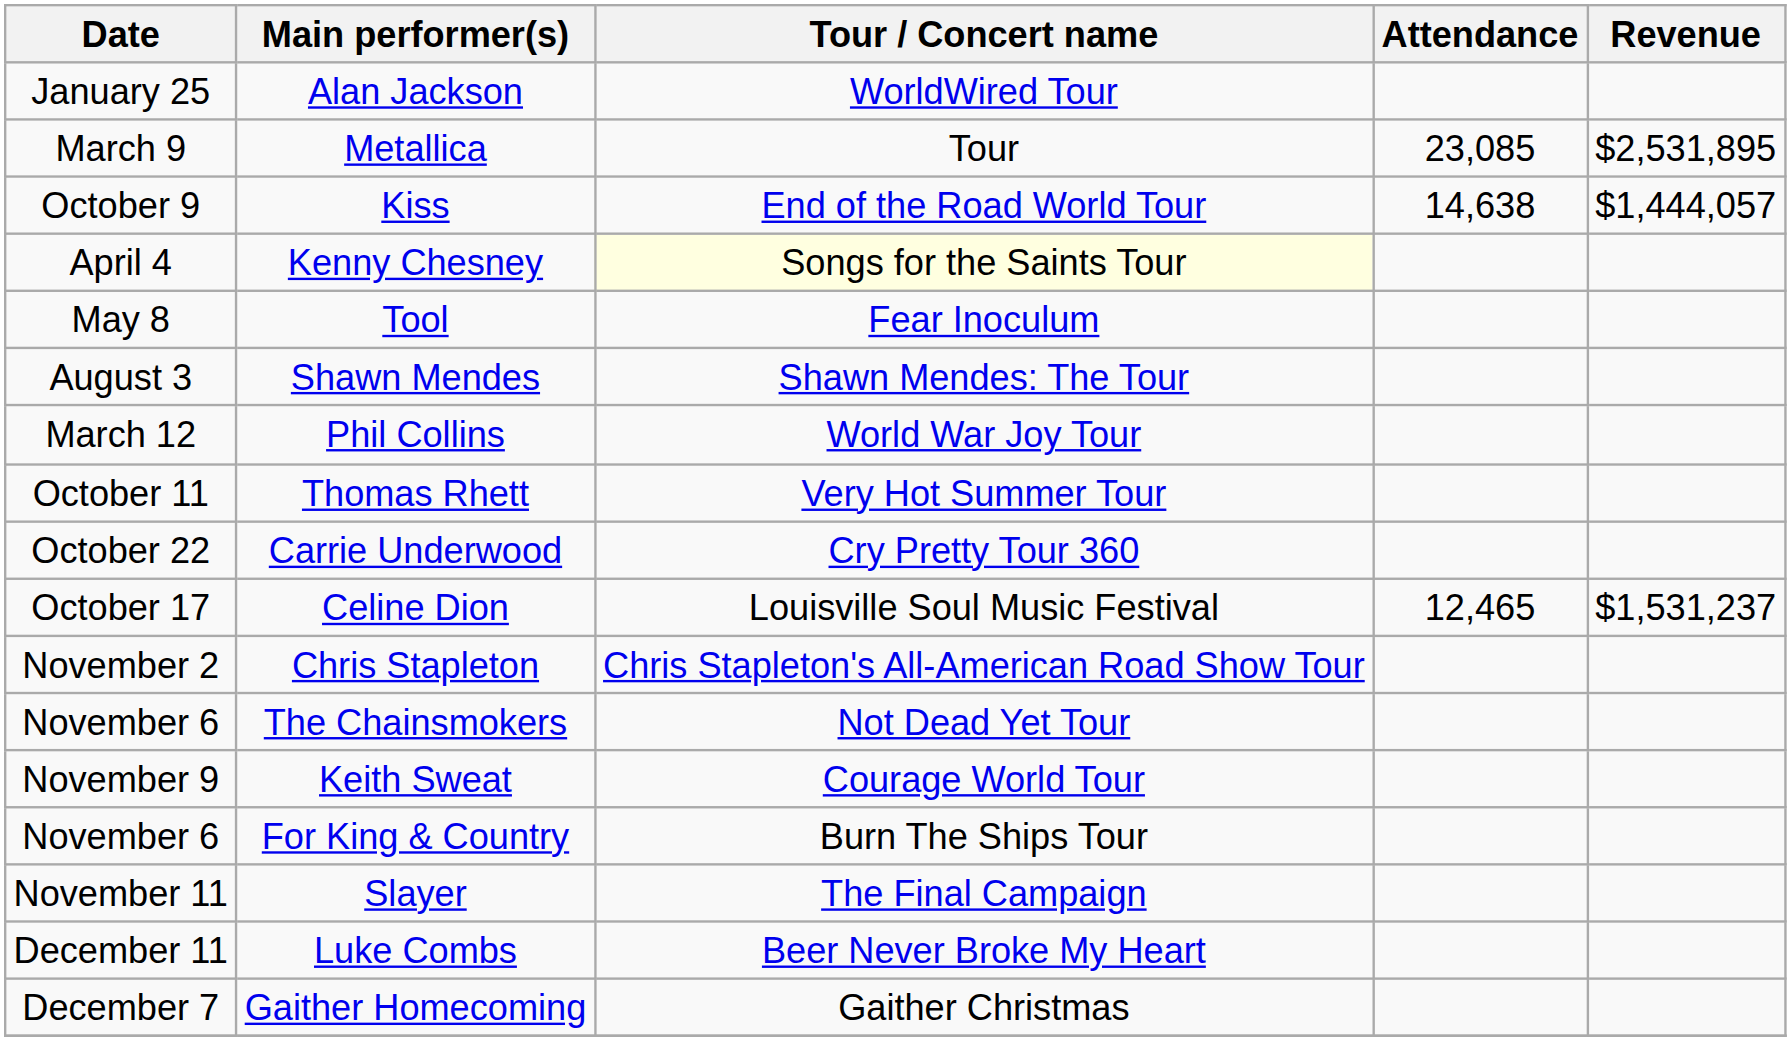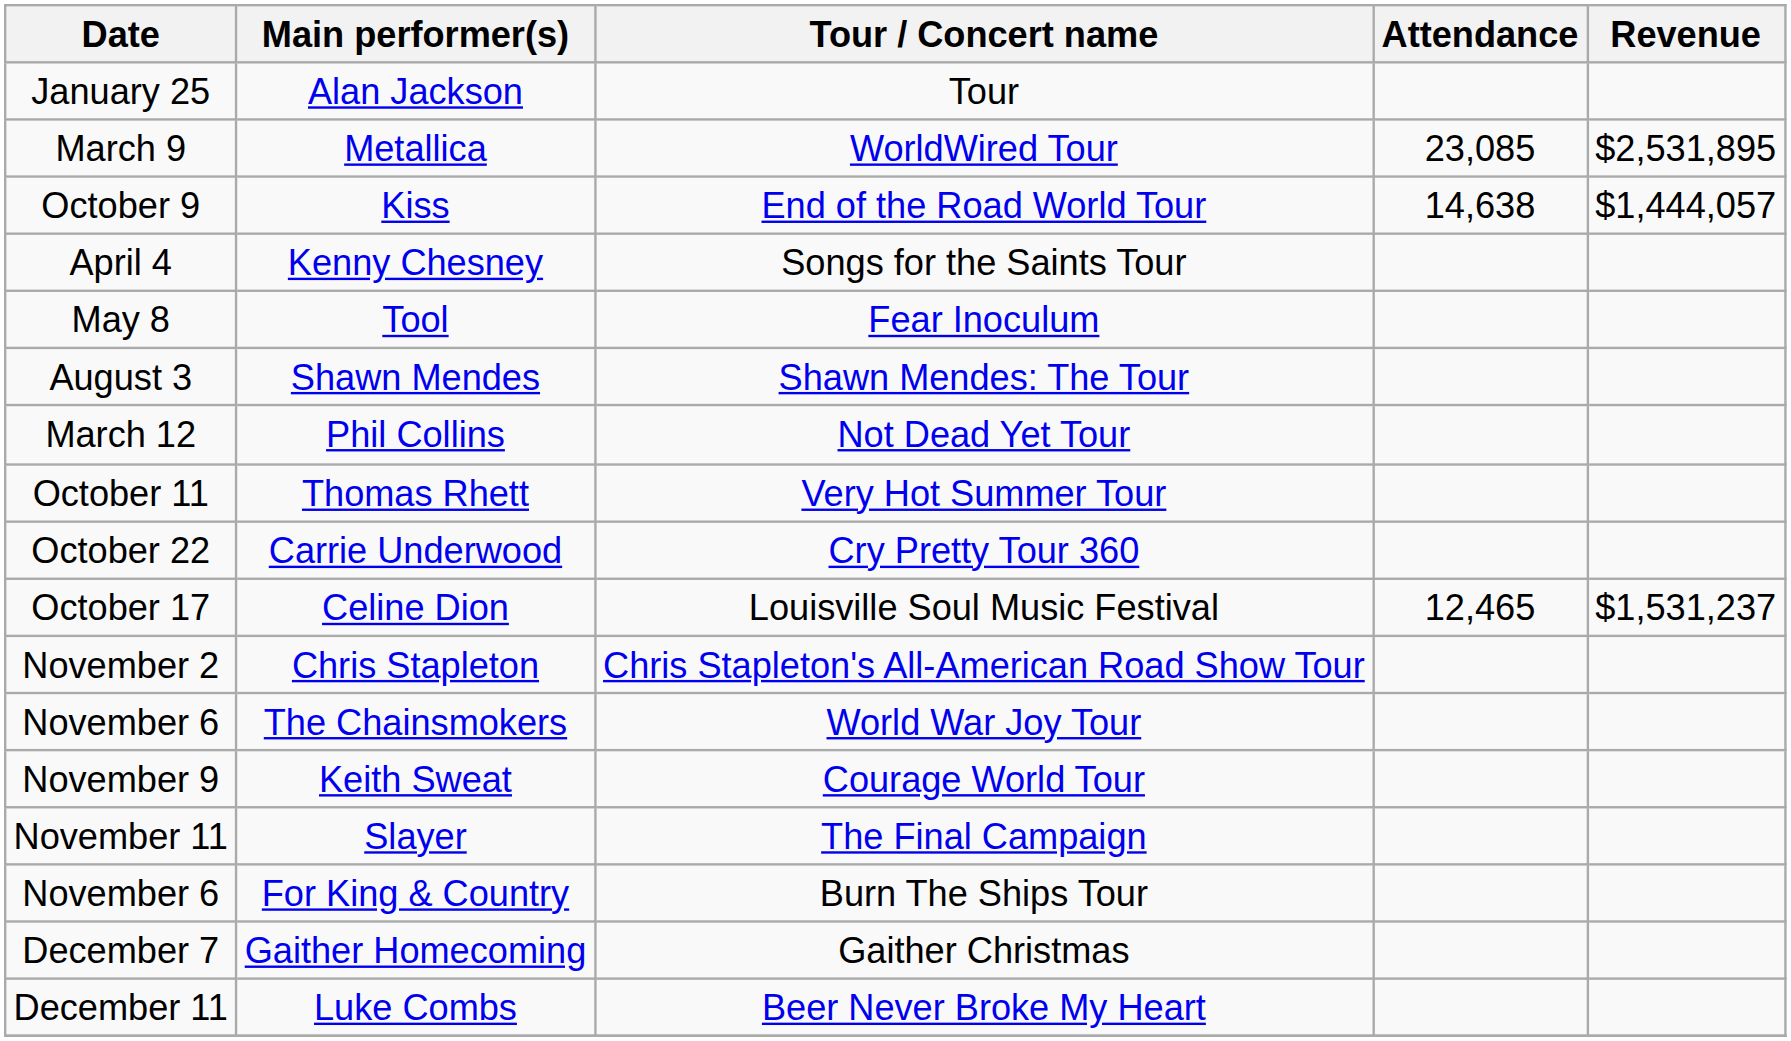 <table class="wikitable"  style="text-align:center; font-size:95%;">
 <tr>
 <th style="text-align:center;">Date</th>
 <th style="text-align:center;">Main performer(s)</th>
 <th style="text-align:center;">Tour / Concert name</th>
 <th style="text-align:center;">Attendance</th>
 <th style="text-align:center;">Revenue</th>
 </tr>
 <tr>
 <td>January 25</td>
 <td><a href='#'>Alan Jackson</a></td>
-<td><a href='#'>WorldWired Tour</a></td>
+<td>Tour</td>
 <td></td>
 <td></td>
 </tr>
 <tr>
 <td>March 9</td>
 <td><a href='#'>Metallica</a></td>
-<td>Tour</td>
+<td><a href='#'>WorldWired Tour</a></td>
 <td>23,085</td>
 <td>$2,531,895</td>
 </tr>
 <tr>
 <td>October 9</td>
 <td><a href='#'>Kiss</a></td>
 <td><a href='#'>End of the Road World Tour</a></td>
 <td>14,638</td>
 <td>$1,444,057</td>
 </tr>
 <tr>
 <td>April 4</td>
 <td><a href='#'>Kenny Chesney</a></td>
-<td style="background: lightyellow;">Songs for the Saints Tour</td>
+<td>Songs for the Saints Tour</td>
 <td></td>
 <td></td>
 </tr>
 <tr>
 <td>May 8</td>
 <td><a href='#'>Tool</a></td>
 <td><a href='#'>Fear Inoculum</a></td>
 <td></td>
 <td></td>
 </tr>
 <tr>
 <td>August 3</td>
 <td><a href='#'>Shawn Mendes</a></td>
 <td><a href='#'>Shawn Mendes: The Tour</a></td>
 <td></td>
 <td></td>
 </tr>
 <tr>
 <td>March 12</td>
 <td><a href='#'>Phil Collins</a></td>
-<td><a href='#'>World War Joy Tour</a></td>
+<td><a href='#'>Not Dead Yet Tour</a></td>
 <td></td>
 <td></td>
 </tr>
 <tr>
 <td>October 11</td>
 <td><a href='#'>Thomas Rhett</a></td>
 <td><a href='#'>Very Hot Summer Tour</a></td>
 <td></td>
 <td></td>
 </tr>
 <tr>
 <td>October 22</td>
 <td><a href='#'>Carrie Underwood</a></td>
 <td><a href='#'>Cry Pretty Tour 360</a></td>
 <td></td>
 <td></td>
 </tr>
 <tr>
 <td>October 17</td>
 <td><a href='#'>Celine Dion</a></td>
 <td>Louisville Soul Music Festival</td>
 <td>12,465</td>
 <td>$1,531,237</td>
 </tr>
 <tr>
 <td>November 2</td>
 <td><a href='#'>Chris Stapleton</a></td>
 <td><a href='#'>Chris Stapleton's All-American Road Show Tour</a></td>
 <td></td>
 <td></td>
 </tr>
 <tr>
 <td>November 6</td>
 <td><a href='#'>The Chainsmokers</a></td>
-<td><a href='#'>Not Dead Yet Tour</a></td>
+<td><a href='#'>World War Joy Tour</a></td>
 <td></td>
 <td></td>
 </tr>
 <tr>
 <td>November 9</td>
 <td><a href='#'>Keith Sweat</a></td>
 <td><a href='#'>Courage World Tour</a></td>
 <td></td>
 <td></td>
 </tr>
 <tr>
+<td>November 11</td>
+<td><a href='#'>Slayer</a></td>
+<td><a href='#'>The Final Campaign</a></td>
+<td></td>
+<td></td>
+</tr>
+<tr>
 <td>November 6</td>
 <td><a href='#'>For King & Country</a></td>
 <td>Burn The Ships Tour</td>
 <td></td>
 <td></td>
 </tr>
 <tr>
-<td>November 11</td>
-<td><a href='#'>Slayer</a></td>
-<td><a href='#'>The Final Campaign</a></td>
+<td>December 7</td>
+<td><a href='#'>Gaither Homecoming</a></td>
+<td>Gaither Christmas</td>
 <td></td>
 <td></td>
 </tr>
 <tr>
 <td>December 11</td>
 <td><a href='#'>Luke Combs</a></td>
 <td><a href='#'>Beer Never Broke My Heart</a></td>
 <td></td>
 <td></td>
 </tr>
 <tr>
-<td>December 7</td>
-<td><a href='#'>Gaither Homecoming</a></td>
-<td>Gaither Christmas</td>
-<td></td>
-<td></td>
-</tr>
-<tr>
 </tr>
 </table>
